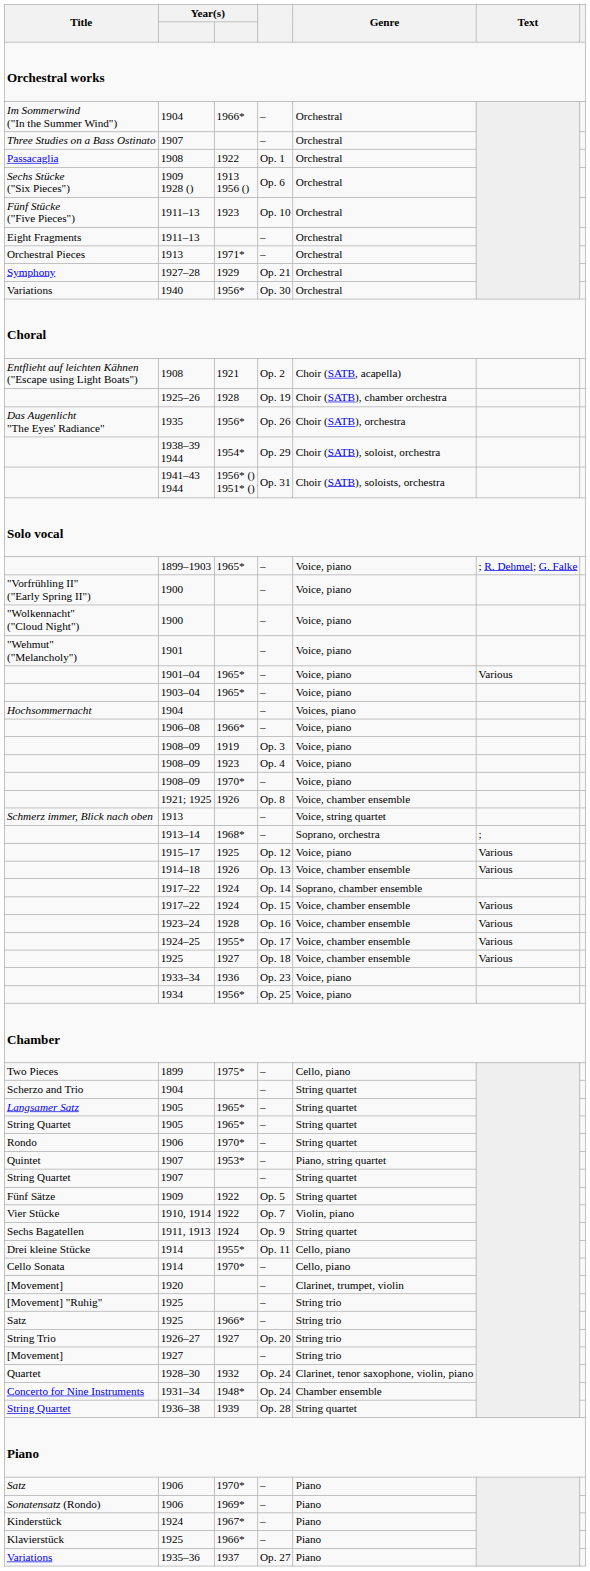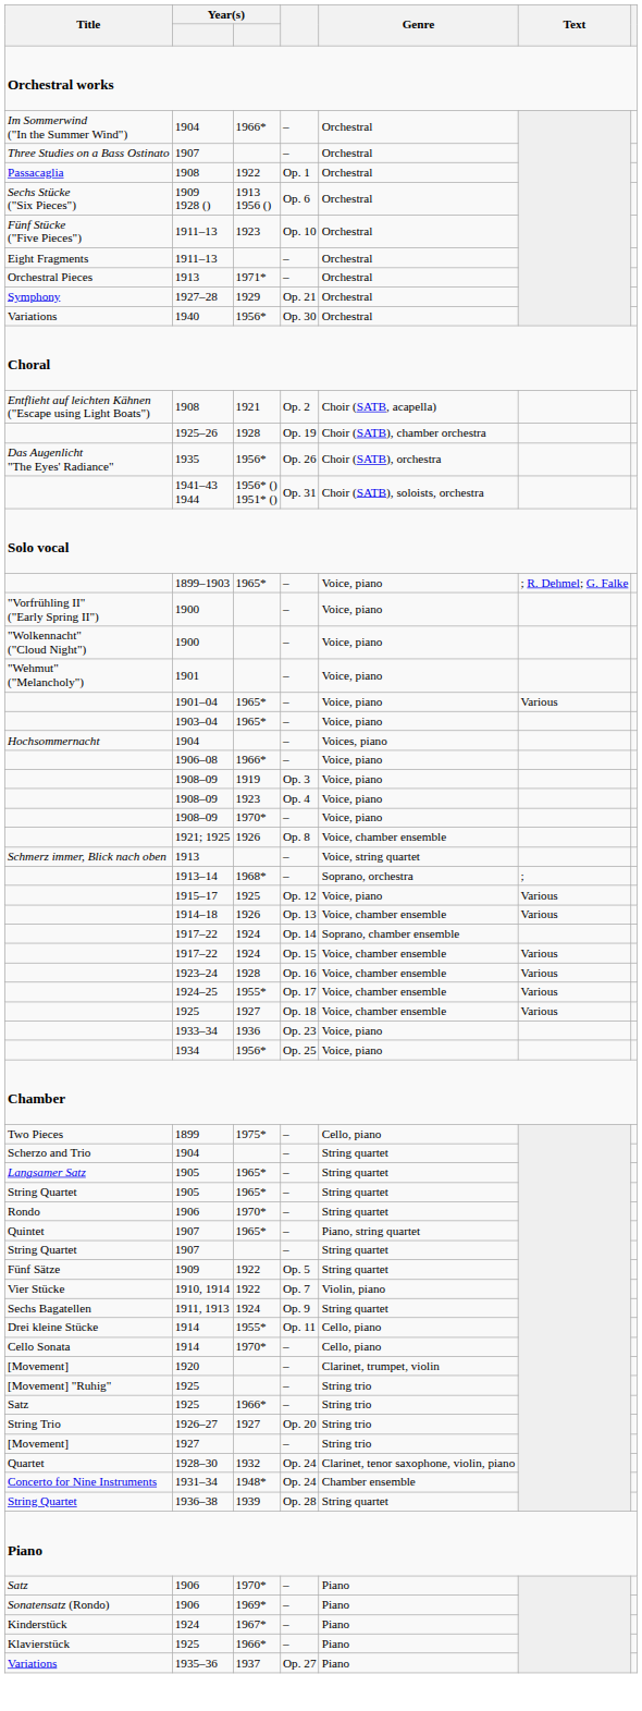 <table class="wikitable sortable plainrowheaders">
 <tr>
 <th scope="col" rowspan="2">Title</th>
 <th scope="col" colspan="2">Year(s)</th>
 <th scope="col" rowspan="2">　</th>
 <th scope="col" rowspan="2">Genre</th>
 <th scope="col" rowspan="2">Text</th>
 <th scope="col" rowspan="2" class="unsortable"></th>
 </tr>
 <tr>
 <th></th>
 <th>　　</th>
 </tr>
 <tr>
 <td colspan="7" style="text-align:left" data-sort-value="ZZZZ1A"><br><h3>Orchestral works</h3></td>
 </tr>
 <tr>
 <td><em>Im Sommerwind</em><br>("In the Summer Wind")</td>
 <td>1904</td>
 <td>1966*</td>
 <td data-sort-value="ZZZZ">–</td>
 <td>Orchestral</td>
 <td rowspan="9" style="background:#EFEFEF; color:#767676"></td>
 <td></td>
 </tr>
 <tr>
 <td><em>Three Studies on a Bass Ostinato</em></td>
 <td>1907</td>
 <td></td>
 <td data-sort-value="ZZZZ">–</td>
 <td>Orchestral</td>
 <td></td>
 </tr>
 <tr>
 <td><a href='#'>Passacaglia</a></td>
 <td>1908</td>
 <td>1922</td>
 <td>Op. 1</td>
 <td>Orchestral</td>
 <td></td>
 </tr>
 <tr>
 <td><em>Sechs Stücke</em><br>("Six Pieces")</td>
 <td>1909<br>1928 ()</td>
 <td>1913<br>1956 ()</td>
 <td>Op. 6</td>
 <td>Orchestral</td>
 <td></td>
 </tr>
 <tr>
 <td><em>Fünf Stücke</em><br>("Five Pieces")</td>
 <td>1911–13</td>
 <td>1923</td>
 <td>Op. 10</td>
 <td>Orchestral</td>
 <td></td>
 </tr>
 <tr>
 <td>Eight Fragments</td>
 <td>1911–13</td>
 <td></td>
 <td data-sort-value="ZZZZ">–</td>
 <td>Orchestral</td>
 <td></td>
 </tr>
 <tr>
 <td>Orchestral Pieces</td>
 <td>1913</td>
 <td>1971*</td>
 <td data-sort-value="ZZZZ">–</td>
 <td>Orchestral</td>
 <td></td>
 </tr>
 <tr>
 <td><a href='#'>Symphony</a></td>
 <td>1927–28</td>
 <td>1929</td>
 <td>Op. 21</td>
 <td>Orchestral</td>
 <td></td>
 </tr>
 <tr>
 <td>Variations</td>
 <td>1940</td>
 <td>1956*</td>
 <td>Op. 30</td>
 <td>Orchestral</td>
 <td></td>
 </tr>
 <tr>
 <td colspan="7" style="text-align:left" data-sort-value="ZZZZ2A"><br><h3>Choral</h3></td>
 </tr>
 <tr>
 <td><em>Entflieht auf leichten Kähnen</em><br>("Escape using Light Boats")</td>
 <td>1908</td>
 <td>1921</td>
 <td>Op. 2</td>
 <td>Choir (<a href='#'>SATB</a>, acapella)</td>
 <td></td>
 <td></td>
 </tr>
 <tr>
 <td></td>
 <td>1925–26</td>
 <td>1928</td>
 <td>Op. 19</td>
 <td>Choir (<a href='#'>SATB</a>), chamber orchestra</td>
 <td></td>
 <td></td>
 </tr>
 <tr>
 <td><em>Das Augenlicht</em><br>"The Eyes' Radiance"</td>
 <td>1935</td>
 <td>1956*</td>
 <td>Op. 26</td>
 <td>Choir (<a href='#'>SATB</a>), orchestra</td>
-<td></td>
-<td></td>
-</tr>
-<tr>
-<td></td>
-<td>1938–39<br> 1944</td>
-<td>1954*</td>
-<td>Op. 29</td>
-<td>Choir (<a href='#'>SATB</a>), soloist, orchestra</td>
 <td></td>
 <td></td>
 </tr>
 <tr>
 <td></td>
 <td>1941–43<br> 1944</td>
 <td>1956* ()<br>1951* ()</td>
 <td>Op. 31</td>
 <td>Choir (<a href='#'>SATB</a>), soloists, orchestra</td>
 <td></td>
 <td></td>
 </tr>
 <tr>
 <td colspan="7" style="text-align:left" data-sort-value="ZZZZ3A"><br><h3>Solo vocal</h3></td>
 </tr>
 <tr>
 <td></td>
 <td>1899–1903</td>
 <td>1965*</td>
 <td data-sort-value="ZZZZ">–</td>
 <td>Voice, piano</td>
 <td>; <a href='#'>R. Dehmel</a>; <a href='#'>G. Falke</a></td>
 <td></td>
 </tr>
 <tr>
 <td data-sort-value="Vorfrühling">"Vorfrühling II"<br>("Early Spring II")</td>
 <td>1900</td>
 <td></td>
 <td data-sort-value="ZZZZ">–</td>
 <td>Voice, piano</td>
 <td></td>
 <td></td>
 </tr>
 <tr>
 <td data-sort-value="Wolkennacht">"Wolkennacht"<br>("Cloud Night")</td>
 <td>1900</td>
 <td></td>
 <td data-sort-value="ZZZZ">–</td>
 <td>Voice, piano</td>
 <td></td>
 <td></td>
 </tr>
 <tr>
 <td data-sort-value="Wehmut">"Wehmut"<br>("Melancholy")</td>
 <td>1901</td>
 <td></td>
 <td data-sort-value="ZZZZ">–</td>
 <td>Voice, piano</td>
 <td></td>
 <td></td>
 </tr>
 <tr>
 <td></td>
 <td>1901–04</td>
 <td>1965*</td>
 <td data-sort-value="ZZZZ">–</td>
 <td>Voice, piano</td>
 <td data-sort-value="YYYY">Various</td>
 <td></td>
 </tr>
 <tr>
 <td></td>
 <td>1903–04</td>
 <td>1965*</td>
 <td data-sort-value="ZZZZ">–</td>
 <td>Voice, piano</td>
 <td></td>
 <td></td>
 </tr>
 <tr>
 <td><em>Hochsommernacht</em></td>
 <td>1904</td>
 <td></td>
 <td data-sort-value="ZZZZ">–</td>
 <td>Voices, piano</td>
 <td></td>
 <td></td>
 </tr>
 <tr>
 <td></td>
 <td>1906–08</td>
 <td>1966*</td>
 <td data-sort-value="ZZZZ">–</td>
 <td>Voice, piano</td>
 <td></td>
 <td></td>
 </tr>
 <tr>
 <td></td>
 <td>1908–09</td>
 <td>1919</td>
 <td>Op. 3</td>
 <td>Voice, piano</td>
 <td></td>
 <td></td>
 </tr>
 <tr>
 <td></td>
 <td>1908–09</td>
 <td>1923</td>
 <td>Op. 4</td>
 <td>Voice, piano</td>
 <td></td>
 <td></td>
 </tr>
 <tr>
 <td></td>
 <td>1908–09</td>
 <td>1970*</td>
 <td data-sort-value="ZZZZ">–</td>
 <td>Voice, piano</td>
 <td></td>
 <td></td>
 </tr>
 <tr>
 <td></td>
 <td>1921; 1925</td>
 <td>1926</td>
 <td>Op. 8</td>
 <td>Voice, chamber ensemble</td>
 <td></td>
 <td></td>
 </tr>
 <tr>
 <td><em>Schmerz immer, Blick nach oben</em></td>
 <td>1913</td>
 <td></td>
 <td data-sort-value="ZZZZ">–</td>
 <td>Voice, string quartet</td>
 <td></td>
 <td></td>
 </tr>
 <tr>
 <td></td>
 <td>1913–14</td>
 <td>1968*</td>
 <td data-sort-value="ZZZZ">–</td>
 <td>Soprano, orchestra</td>
 <td>; </td>
 <td></td>
 </tr>
 <tr>
 <td></td>
 <td>1915–17</td>
 <td>1925</td>
 <td>Op. 12</td>
 <td>Voice, piano</td>
 <td data-sort-value="YYYY">Various</td>
 <td></td>
 </tr>
 <tr>
 <td></td>
 <td>1914–18</td>
 <td>1926</td>
 <td>Op. 13</td>
 <td>Voice, chamber ensemble</td>
 <td data-sort-value="YYYY">Various</td>
 <td></td>
 </tr>
 <tr>
 <td></td>
 <td>1917–22</td>
 <td>1924</td>
 <td>Op. 14</td>
 <td>Soprano, chamber ensemble</td>
 <td></td>
 <td></td>
 </tr>
 <tr>
 <td></td>
 <td>1917–22</td>
 <td>1924</td>
 <td>Op. 15</td>
 <td>Voice, chamber ensemble</td>
 <td data-sort-value="YYYY">Various</td>
 <td></td>
 </tr>
 <tr>
 <td></td>
 <td>1923–24</td>
 <td>1928</td>
 <td>Op. 16</td>
 <td>Voice, chamber ensemble</td>
 <td data-sort-value="YYYY">Various</td>
 <td></td>
 </tr>
 <tr>
 <td></td>
 <td>1924–25</td>
 <td>1955*</td>
 <td>Op. 17</td>
 <td>Voice, chamber ensemble</td>
 <td data-sort-value="YYYY">Various</td>
 <td></td>
 </tr>
 <tr>
 <td></td>
 <td>1925</td>
 <td>1927</td>
 <td>Op. 18</td>
 <td>Voice, chamber ensemble</td>
 <td data-sort-value="YYYY">Various</td>
 <td></td>
 </tr>
 <tr>
 <td></td>
 <td>1933–34</td>
 <td>1936</td>
 <td>Op. 23</td>
 <td>Voice, piano</td>
 <td></td>
 <td></td>
 </tr>
 <tr>
 <td></td>
 <td>1934</td>
 <td>1956*</td>
 <td>Op. 25</td>
 <td>Voice, piano</td>
 <td></td>
 <td></td>
 </tr>
 <tr>
 <td colspan="7" style="text-align:left" data-sort-value="ZZZZ4A"><br><h3>Chamber</h3></td>
 </tr>
 <tr>
 <td>Two Pieces</td>
 <td>1899</td>
 <td>1975*</td>
 <td data-sort-value="ZZZZ">–</td>
 <td>Cello, piano</td>
 <td rowspan="20" style="background:#EFEFEF; color:#767676"></td>
 <td></td>
 </tr>
 <tr>
 <td>Scherzo and Trio</td>
 <td>1904</td>
 <td></td>
 <td data-sort-value="ZZZZ">–</td>
 <td>String quartet</td>
 <td></td>
 </tr>
 <tr>
 <td><em><a href='#'>Langsamer Satz</a></em></td>
 <td>1905</td>
 <td>1965*</td>
 <td data-sort-value="ZZZZ">–</td>
 <td>String quartet</td>
 <td></td>
 </tr>
 <tr>
 <td>String Quartet</td>
 <td>1905</td>
 <td>1965*</td>
 <td data-sort-value="ZZZZ">–</td>
 <td>String quartet</td>
 <td></td>
 </tr>
 <tr>
 <td>Rondo</td>
 <td>1906</td>
 <td>1970*</td>
 <td data-sort-value="ZZZZ">–</td>
 <td>String quartet</td>
 <td></td>
 </tr>
 <tr>
 <td>Quintet</td>
 <td>1907</td>
-<td>1953*</td>
+<td>1965*</td>
 <td data-sort-value="ZZZZ">–</td>
 <td>Piano, string quartet</td>
 <td></td>
 </tr>
 <tr>
 <td>String Quartet</td>
 <td>1907</td>
 <td></td>
 <td data-sort-value="ZZZZ">–</td>
 <td>String quartet</td>
 <td></td>
 </tr>
 <tr>
 <td>Fünf Sätze</td>
 <td>1909</td>
 <td>1922</td>
 <td>Op. 5</td>
 <td>String quartet</td>
 <td></td>
 </tr>
 <tr>
 <td>Vier Stücke</td>
 <td>1910, 1914</td>
 <td>1922</td>
 <td>Op. 7</td>
 <td>Violin, piano</td>
 <td></td>
 </tr>
 <tr>
 <td>Sechs Bagatellen</td>
 <td>1911, 1913</td>
 <td>1924</td>
 <td>Op. 9</td>
 <td>String quartet</td>
 <td></td>
 </tr>
 <tr>
 <td>Drei kleine Stücke</td>
 <td>1914</td>
 <td>1955*</td>
 <td>Op. 11</td>
 <td>Cello, piano</td>
 <td></td>
 </tr>
 <tr>
 <td>Cello Sonata</td>
 <td>1914</td>
 <td>1970*</td>
 <td data-sort-value="ZZZZ">–</td>
 <td>Cello, piano</td>
 <td></td>
 </tr>
 <tr>
 <td data-sort-value="YYYY">[Movement]</td>
 <td>1920</td>
 <td></td>
 <td data-sort-value="ZZZZ">–</td>
 <td>Clarinet, trumpet, violin</td>
 <td></td>
 </tr>
 <tr>
 <td data-sort-value="YYYY">[Movement] "Ruhig"</td>
 <td>1925</td>
 <td></td>
 <td data-sort-value="ZZZZ">–</td>
 <td>String trio</td>
 <td></td>
 </tr>
 <tr>
 <td>Satz</td>
 <td>1925</td>
 <td>1966*</td>
 <td data-sort-value="ZZZZ">–</td>
 <td>String trio</td>
 <td></td>
 </tr>
 <tr>
 <td>String Trio</td>
 <td>1926–27</td>
 <td>1927</td>
 <td>Op. 20</td>
 <td>String trio</td>
 <td></td>
 </tr>
 <tr>
 <td data-sort-value="YYYY">[Movement]</td>
 <td>1927</td>
 <td></td>
 <td data-sort-value="ZZZZ">–</td>
 <td>String trio</td>
 <td></td>
 </tr>
 <tr>
 <td>Quartet</td>
 <td>1928–30</td>
 <td>1932</td>
 <td>Op. 24</td>
 <td>Clarinet, tenor saxophone, violin, piano</td>
 <td></td>
 </tr>
 <tr>
 <td><a href='#'>Concerto for Nine Instruments</a></td>
 <td>1931–34</td>
 <td>1948*</td>
 <td>Op. 24</td>
 <td>Chamber ensemble</td>
 <td></td>
 </tr>
 <tr>
 <td><a href='#'>String Quartet</a></td>
 <td>1936–38</td>
 <td>1939</td>
 <td>Op. 28</td>
 <td>String quartet</td>
 <td></td>
 </tr>
 <tr>
 <td colspan="7" style="text-align:left" data-sort-value="ZZZZ5A"><br><h3>Piano</h3></td>
 </tr>
 <tr>
 <td><em>Satz</em></td>
 <td>1906</td>
 <td>1970*</td>
 <td data-sort-value="ZZZZ">–</td>
 <td>Piano</td>
 <td rowspan="5" style="background:#EFEFEF; color:#767676"></td>
 <td></td>
 </tr>
 <tr>
 <td><em>Sonatensatz</em> (Rondo)</td>
 <td>1906</td>
 <td>1969*</td>
 <td data-sort-value="ZZZZ">–</td>
 <td>Piano</td>
 <td></td>
 </tr>
 <tr>
 <td>Kinderstück</td>
 <td>1924</td>
 <td>1967*</td>
 <td data-sort-value="ZZZZ">–</td>
 <td>Piano</td>
 <td></td>
 </tr>
 <tr>
 <td>Klavierstück</td>
 <td>1925</td>
 <td>1966*</td>
 <td data-sort-value="ZZZZ">–</td>
 <td>Piano</td>
 <td></td>
 </tr>
 <tr>
 <td><a href='#'>Variations</a></td>
 <td>1935–36</td>
 <td>1937</td>
 <td>Op. 27</td>
 <td>Piano</td>
 <td></td>
 </tr>
 </table>
